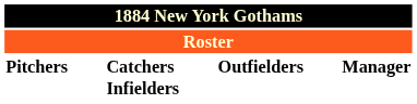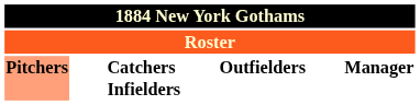 <table class="toccolours" style="font-size: 95%;">
 <tr>
 <th colspan="10" style="background-color: black; color: #FFFDD0; text-align: center;">1884 New York Gothams</th>
 </tr>
 <tr>
 <td colspan="10" style="background-color: #fd5a1e; color: #FFFDD0; text-align: center;"><strong>Roster</strong></td>
 </tr>
 <tr>
-<td valign="top"><strong>Pitchers</strong><br>  </td>
+<td valign="top" style="background: lightsalmon;"><strong>Pitchers</strong><br>  </td>
 <td width="25px"></td>
 <td valign="top"><strong>Catchers</strong><br>     <strong>Infielders</strong>    </td>
 <td width="25px"></td>
 <td valign="top"><strong>Outfielders</strong><br>    </td>
 <td width="25px"></td>
 <td valign="top"><strong>Manager</strong><br> </td>
 </tr>
 </table>
